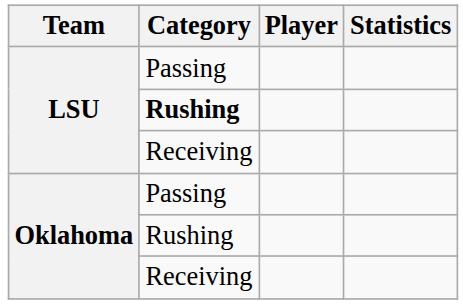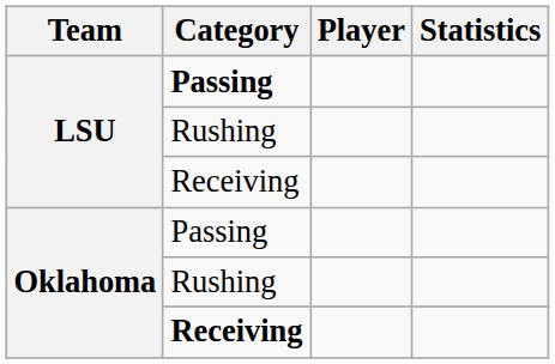 <table class="wikitable" style="float:right">
 <tr>
 <th>Team</th>
 <th>Category</th>
 <th>Player</th>
 <th>Statistics</th>
 </tr>
 <tr>
 <th rowspan=3>LSU</th>
-<td>Passing</td>
+<td><strong>Passing</strong></td>
 <td></td>
 <td></td>
 </tr>
 <tr>
-<td><strong>Rushing</strong></td>
+<td>Rushing</td>
 <td></td>
 <td></td>
 </tr>
 <tr>
 <td>Receiving</td>
 <td></td>
 <td></td>
 </tr>
 <tr>
 <th rowspan=3>Oklahoma</th>
 <td>Passing</td>
 <td></td>
 <td></td>
 </tr>
 <tr>
 <td>Rushing</td>
 <td></td>
 <td></td>
 </tr>
 <tr>
-<td>Receiving</td>
+<td><strong>Receiving</strong></td>
 <td></td>
 <td></td>
 </tr>
 </table>
